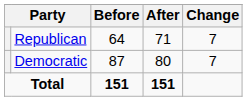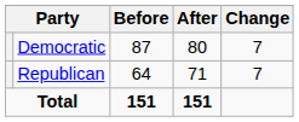 <table class="wikitable" style="text-align:center;">
 <tr>
 </tr>
 <tr>
 <th colspan=2>Party</th>
 <th>Before</th>
 <th>After</th>
 <th>Change</th>
 </tr>
 <tr>
 <th style="background-color:"></th>
-<td style="text-align:left;"><a href='#'>Republican</a></td>
-<td>64</td>
-<td>71</td>
+<td style="text-align:left;"><a href='#'>Democratic</a></td>
+<td>87</td>
+<td>80</td>
 <td> 7</td>
 </tr>
 <tr>
 <th style="background-color:"></th>
-<td style="text-align:left;"><a href='#'>Democratic</a></td>
-<td>87</td>
-<td>80</td>
+<td style="text-align:left;"><a href='#'>Republican</a></td>
+<td>64</td>
+<td>71</td>
 <td> 7</td>
 </tr>
 <tr>
 <td colspan=2><strong>Total</strong></td>
 <td><strong>151</strong></td>
 <td><strong>151</strong></td>
 <td></td>
 </tr>
 </table>
